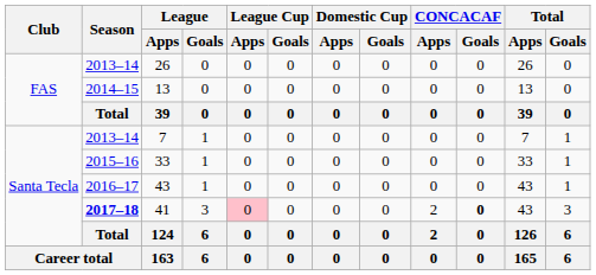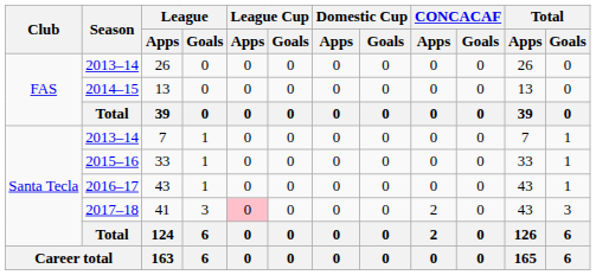 <table class="wikitable" style="text-align: center;">
 <tr>
 <th rowspan="2">Club</th>
 <th rowspan="2">Season</th>
 <th colspan="2">League</th>
 <th colspan="2">League Cup</th>
 <th colspan="2">Domestic Cup</th>
 <th colspan="2"><a href='#'>CONCACAF</a></th>
 <th colspan="2">Total</th>
 </tr>
 <tr>
 <th>Apps</th>
 <th>Goals</th>
 <th>Apps</th>
 <th>Goals</th>
 <th>Apps</th>
 <th>Goals</th>
 <th>Apps</th>
 <th>Goals</th>
 <th>Apps</th>
 <th>Goals</th>
 </tr>
 <tr>
 <td rowspan="3"><a href='#'>FAS</a></td>
 <td><a href='#'>2013–14</a></td>
 <td>26</td>
 <td>0</td>
 <td>0</td>
 <td>0</td>
 <td>0</td>
 <td>0</td>
 <td>0</td>
 <td>0</td>
 <td>26</td>
 <td>0</td>
 </tr>
 <tr>
 <td><a href='#'>2014–15</a></td>
 <td>13</td>
 <td>0</td>
 <td>0</td>
 <td>0</td>
 <td>0</td>
 <td>0</td>
 <td>0</td>
 <td>0</td>
 <td>13</td>
 <td>0</td>
 </tr>
 <tr>
 <th colspan="1">Total</th>
 <th>39</th>
 <th>0</th>
 <th>0</th>
 <th>0</th>
 <th>0</th>
 <th>0</th>
 <th>0</th>
 <th>0</th>
 <th>39</th>
 <th>0</th>
 </tr>
 <tr>
 <td rowspan="5"><a href='#'>Santa Tecla</a></td>
 <td><a href='#'>2013–14</a></td>
 <td>7</td>
 <td>1</td>
 <td>0</td>
 <td>0</td>
 <td>0</td>
 <td>0</td>
 <td>0</td>
 <td>0</td>
 <td>7</td>
 <td>1</td>
 </tr>
 <tr>
 <td><a href='#'>2015–16</a></td>
 <td>33</td>
 <td>1</td>
 <td>0</td>
 <td>0</td>
 <td>0</td>
 <td>0</td>
 <td>0</td>
 <td>0</td>
 <td>33</td>
 <td>1</td>
 </tr>
 <tr>
 <td><a href='#'>2016–17</a></td>
 <td>43</td>
 <td>1</td>
 <td>0</td>
 <td>0</td>
 <td>0</td>
 <td>0</td>
 <td>0</td>
 <td>0</td>
 <td>43</td>
 <td>1</td>
 </tr>
 <tr>
-<td><strong><a href='#'>2017–18</a></strong></td>
+<td><a href='#'>2017–18</a></td>
 <td>41</td>
 <td>3</td>
 <td style="background: pink;">0</td>
 <td>0</td>
 <td>0</td>
 <td>0</td>
 <td>2</td>
-<td><strong>0</strong></td>
+<td>0</td>
 <td>43</td>
 <td>3</td>
 </tr>
 <tr>
 <th colspan="1">Total</th>
 <th>124</th>
 <th>6</th>
 <th>0</th>
 <th>0</th>
 <th>0</th>
 <th>0</th>
 <th>2</th>
 <th>0</th>
 <th>126</th>
 <th>6</th>
 </tr>
 <tr>
 <th colspan="2">Career total</th>
 <th>163</th>
 <th>6</th>
 <th>0</th>
 <th>0</th>
 <th>0</th>
 <th>0</th>
 <th>0</th>
 <th>0</th>
 <th>165</th>
 <th>6</th>
 </tr>
 </table>
